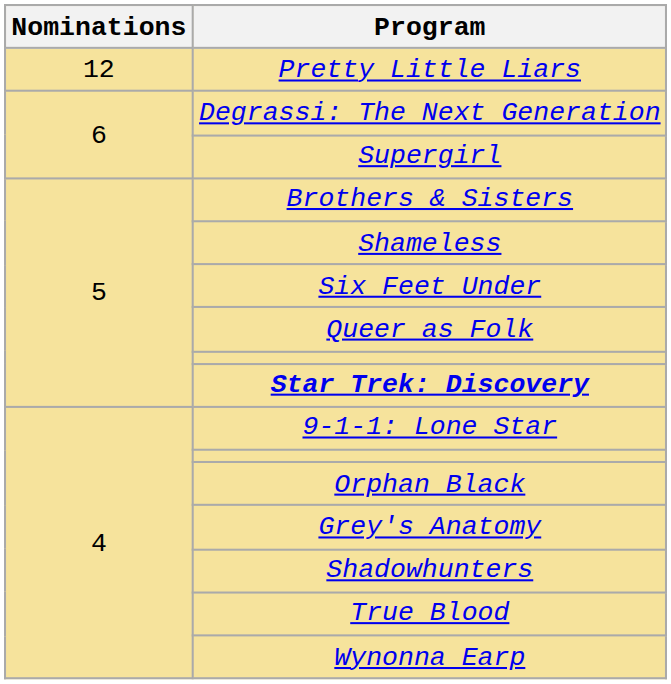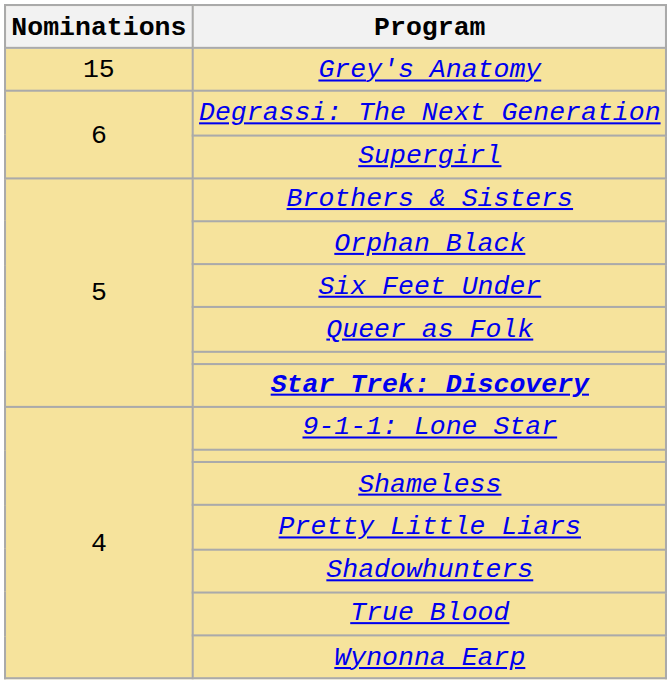 <table class="wikitable" rowspan=2 style="text-align: center; background: #f6e39c">
 <tr>
 <th scope="col" width="55" align="center">Nominations</th>
 <th scope="col" align="center">Program</th>
 </tr>
 <tr>
-<td>12</td>
-<td><em><a href='#'>Pretty Little Liars</a></em></td>
+<td>15</td>
+<td><em><a href='#'>Grey's Anatomy</a></em></td>
 </tr>
 <tr>
 <td rowspan=2>6</td>
 <td><em><a href='#'>Degrassi: The Next Generation</a></em></td>
 </tr>
 <tr>
 <td><em><a href='#'>Supergirl</a></em></td>
 </tr>
 <tr>
 <td rowspan=6>5</td>
 <td><em><a href='#'>Brothers & Sisters</a></em></td>
 </tr>
 <tr>
-<td><em><a href='#'>Shameless</a></em></td>
+<td><em><a href='#'>Orphan Black</a></em></td>
 </tr>
 <tr>
 <td><em><a href='#'>Six Feet Under</a></em></td>
 </tr>
 <tr>
 <td><em><a href='#'>Queer as Folk</a></em></td>
 </tr>
 <tr>
 <td><em></em></td>
 </tr>
 <tr>
 <td><strong><em><a href='#'>Star Trek: Discovery</a></em></strong></td>
 </tr>
 <tr>
 <td rowspan=7>4</td>
 <td><em><a href='#'>9-1-1: Lone Star</a></em></td>
 </tr>
 <tr>
 <td><em></em></td>
 </tr>
 <tr>
-<td><em><a href='#'>Orphan Black</a></em></td>
+<td><em><a href='#'>Shameless</a></em></td>
 </tr>
 <tr>
-<td><em><a href='#'>Grey's Anatomy</a></em></td>
+<td><em><a href='#'>Pretty Little Liars</a></em></td>
 </tr>
 <tr>
 <td><em><a href='#'>Shadowhunters</a></em></td>
 </tr>
 <tr>
 <td><em><a href='#'>True Blood</a></em></td>
 </tr>
 <tr>
 <td><em><a href='#'>Wynonna Earp</a></em></td>
 </tr>
 </table>
